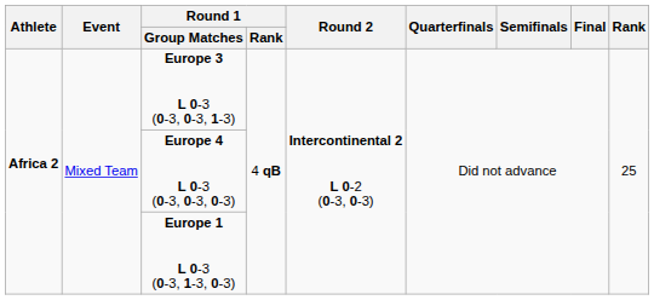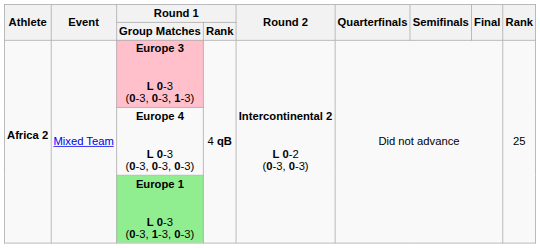 <table class="wikitable" border="1" style="font-size:90%">
 <tr>
 <th rowspan=2>Athlete</th>
 <th rowspan=2>Event</th>
 <th colspan=2>Round 1</th>
 <th rowspan=2>Round 2</th>
 <th rowspan=2>Quarterfinals</th>
 <th rowspan=2>Semifinals</th>
 <th rowspan=2>Final</th>
 <th rowspan=2>Rank</th>
 </tr>
 <tr>
 <th>Group Matches</th>
 <th>Rank</th>
 </tr>
 <tr>
 <td rowspan=3><strong>Africa 2</strong><br><br></td>
 <td rowspan=3><a href='#'>Mixed Team</a></td>
-<td align=center><strong>Europe 3</strong><br><br><br> <strong>L</strong> <strong>0</strong>-3 <br> (<strong>0</strong>-3, <strong>0</strong>-3, <strong>1</strong>-3)</td>
+<td align=center style="background: pink;"><strong>Europe 3</strong><br><br><br> <strong>L</strong> <strong>0</strong>-3 <br> (<strong>0</strong>-3, <strong>0</strong>-3, <strong>1</strong>-3)</td>
 <td rowspan=3 align=center>4 <strong>qB</strong></td>
 <td align=center rowspan=3><strong>Intercontinental 2</strong><br><br><br> <strong>L</strong> <strong>0</strong>-2 <br> (<strong>0</strong>-3, <strong>0</strong>-3)</td>
 <td rowspan=3 colspan=3 align=center>Did not advance</td>
 <td rowspan=3 align=center>25</td>
 </tr>
 <tr>
 <td align=center><strong>Europe 4</strong><br><br><br> <strong>L</strong> <strong>0</strong>-3 <br> (<strong>0</strong>-3, <strong>0</strong>-3, <strong>0</strong>-3)</td>
 </tr>
 <tr>
-<td align=center><strong>Europe 1</strong><br><br><br> <strong>L</strong> <strong>0</strong>-3 <br> (<strong>0</strong>-3, <strong>1</strong>-3, <strong>0</strong>-3)</td>
+<td align=center style="background: lightgreen;"><strong>Europe 1</strong><br><br><br> <strong>L</strong> <strong>0</strong>-3 <br> (<strong>0</strong>-3, <strong>1</strong>-3, <strong>0</strong>-3)</td>
 </tr>
 </table>
